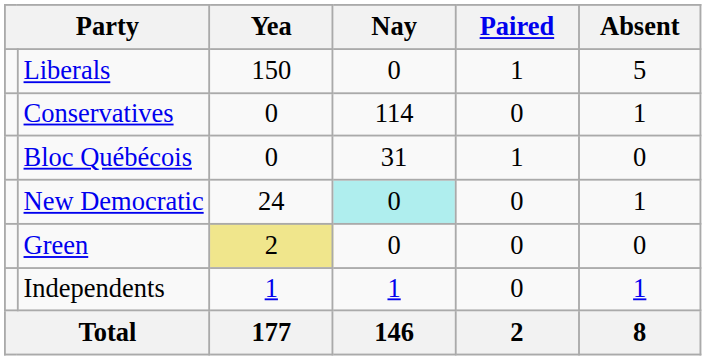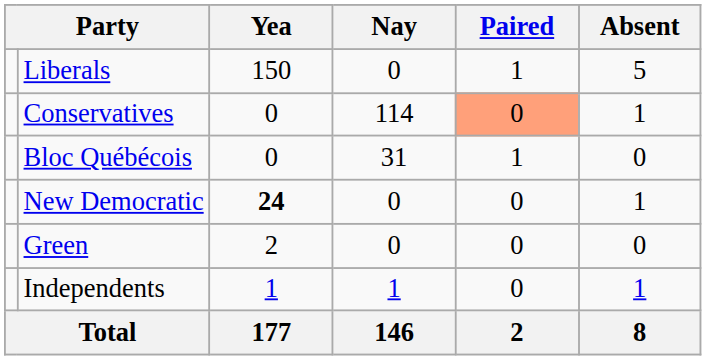 <table class="wikitable" align="center" style="text-align:center; font-size:90%">
 <tr>
 <th colspan="2">Party</th>
 <th width=60px>Yea</th>
 <th width=60px>Nay</th>
 <th width=60px><a href='#'>Paired</a></th>
 <th width=60px>Absent</th>
 </tr>
 <tr>
 <td style="background:"></td>
 <td align="left"><a href='#'>Liberals</a></td>
 <td>150</td>
 <td>0</td>
 <td>1</td>
 <td>5</td>
 </tr>
 <tr>
 <td style="background:"></td>
 <td align="left"><a href='#'>Conservatives</a></td>
 <td>0</td>
 <td>114</td>
-<td>0</td>
+<td style="background: lightsalmon;">0</td>
 <td>1</td>
 </tr>
 <tr>
 <td style="background:"></td>
 <td align="left"><a href='#'>Bloc Québécois</a></td>
 <td>0</td>
 <td>31</td>
 <td>1</td>
 <td>0</td>
 </tr>
 <tr>
 <td style="background:"></td>
 <td align="left"><a href='#'>New Democratic</a></td>
-<td>24</td>
-<td style="background: paleturquoise;">0</td>
+<td><strong>24</strong></td>
+<td>0</td>
 <td>0</td>
 <td>1</td>
 </tr>
 <tr>
 <td style="background:"></td>
 <td align="left"><a href='#'>Green</a></td>
-<td style="background: khaki;">2</td>
+<td>2</td>
 <td>0</td>
 <td>0</td>
 <td>0</td>
 </tr>
 <tr>
 <td style="background:"></td>
 <td align="left">Independents</td>
 <td><a href='#'>1</a></td>
 <td><a href='#'>1</a></td>
 <td>0</td>
 <td><a href='#'>1</a></td>
 </tr>
 <tr>
 <th colspan=2>Total</th>
 <th>177</th>
 <th>146</th>
 <th>2</th>
 <th>8</th>
 </tr>
 </table>
